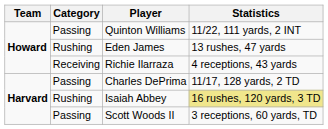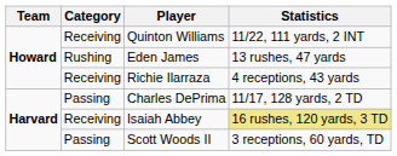 <table class="wikitable" style="float: right;">
 <tr>
 <th>Team</th>
 <th>Category</th>
 <th>Player</th>
 <th>Statistics</th>
 </tr>
 <tr>
 <td rowspan=3><strong>Howard</strong></td>
-<td>Passing</td>
+<td>Receiving</td>
 <td>Quinton Williams</td>
 <td>11/22, 111 yards, 2 INT</td>
 </tr>
 <tr>
 <td>Rushing</td>
 <td>Eden James</td>
 <td>13 rushes, 47 yards</td>
 </tr>
 <tr>
 <td>Receiving</td>
 <td>Richie Ilarraza</td>
 <td>4 receptions, 43 yards</td>
 </tr>
 <tr>
 <td rowspan=3><strong>Harvard</strong></td>
 <td>Passing</td>
 <td>Charles DePrima</td>
 <td>11/17, 128 yards, 2 TD</td>
 </tr>
 <tr>
-<td>Rushing</td>
+<td>Receiving</td>
 <td>Isaiah Abbey</td>
 <td style="background: khaki;">16 rushes, 120 yards, 3 TD</td>
 </tr>
 <tr>
 <td>Passing</td>
 <td>Scott Woods II</td>
 <td>3 receptions, 60 yards, TD</td>
 </tr>
 </table>
